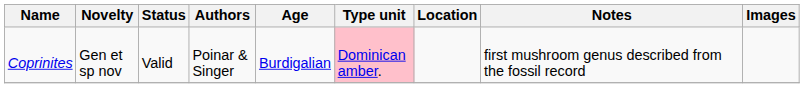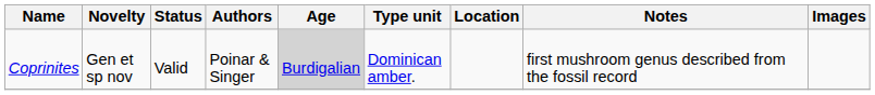 <table class="wikitable sortable" align="center" width="100%">
 <tr>
 <th>Name</th>
 <th>Novelty</th>
 <th>Status</th>
 <th>Authors</th>
 <th>Age</th>
 <th>Type unit</th>
 <th>Location</th>
 <th width="33%" class="unsortable">Notes</th>
 <th class="unsortable">Images</th>
 </tr>
 <tr>
 <td><br><em><a href='#'>Coprinites</a></em></td>
 <td><br>Gen et sp nov</td>
 <td><br>Valid</td>
 <td><br>Poinar & Singer</td>
-<td><br><a href='#'>Burdigalian</a></td>
-<td style="background: pink;"><br><a href='#'>Dominican amber</a>.</td>
+<td style="background: lightgrey;"><br><a href='#'>Burdigalian</a></td>
+<td><br><a href='#'>Dominican amber</a>.</td>
 <td><br></td>
 <td><br>first mushroom genus described from the fossil record</td>
 <td></td>
 </tr>
 <tr>
 </tr>
 </table>
